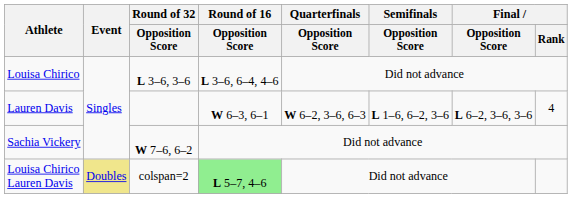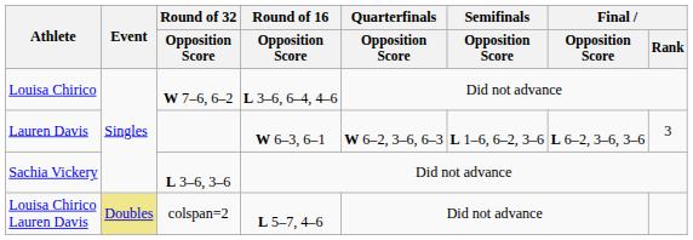 <table class=wikitable style="font-size:90%">
 <tr>
 <th rowspan=2>Athlete</th>
 <th rowspan=2>Event</th>
 <th>Round of 32</th>
 <th>Round of 16</th>
 <th>Quarterfinals</th>
 <th>Semifinals</th>
 <th colspan=2>Final / </th>
 </tr>
 <tr style="font-size:95%">
 <th>Opposition<br>Score</th>
 <th>Opposition<br>Score</th>
 <th>Opposition<br>Score</th>
 <th>Opposition<br>Score</th>
 <th>Opposition<br>Score</th>
 <th>Rank</th>
 </tr>
 <tr align=center>
 <td align=left><a href='#'>Louisa Chirico</a></td>
 <td align=left rowspan=3><a href='#'>Singles</a></td>
-<td><br><strong>L</strong> 3–6, 3–6</td>
+<td><br><strong>W</strong> 7–6, 6–2</td>
 <td><br><strong>L</strong> 3–6, 6–4, 4–6</td>
 <td colspan=4>Did not advance</td>
 </tr>
 <tr align=center>
 <td align=left><a href='#'>Lauren Davis</a></td>
 <td></td>
 <td><br><strong>W</strong> 6–3, 6–1</td>
 <td><br><strong>W</strong> 6–2, 3–6, 6–3</td>
 <td><br><strong>L</strong> 1–6, 6–2, 3–6</td>
 <td><br><strong>L</strong> 6–2, 3–6, 3–6</td>
-<td>4</td>
+<td>3</td>
 </tr>
 <tr align=center>
 <td align=left><a href='#'>Sachia Vickery</a></td>
-<td><br><strong>W</strong> 7–6, 6–2</td>
+<td><br><strong>L</strong> 3–6, 3–6</td>
 <td colspan=5>Did not advance</td>
 </tr>
 <tr align=center>
 <td align=left><a href='#'>Louisa Chirico</a><br><a href='#'>Lauren Davis</a></td>
 <td align=left style="background: khaki;"><a href='#'>Doubles</a></td>
 <td>colspan=2 </td>
-<td style="background: lightgreen;"><br><strong>L</strong> 5–7, 4–6</td>
+<td><br><strong>L</strong> 5–7, 4–6</td>
 <td colspan=3>Did not advance</td>
 </tr>
 </table>
